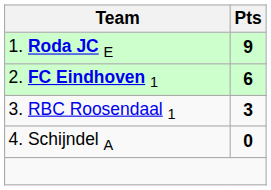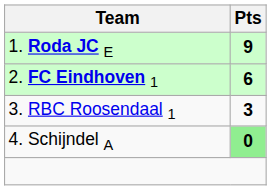 <table class="wikitable" style="text-align:center; float:left; margin-right:1em;">
 <tr>
 <th style="width:200px">Team</th>
 <th width=20>Pts</th>
 </tr>
 <tr bgcolor=ccffcc>
 <td align=left>1. <strong><a href='#'>Roda JC</a></strong> <sub>E</sub></td>
 <td><strong>9</strong></td>
 </tr>
 <tr bgcolor=ccffcc>
 <td align=left>2. <strong><a href='#'>FC Eindhoven</a></strong> <sub>1</sub></td>
 <td><strong>6</strong></td>
 </tr>
 <tr>
 <td align=left>3. <a href='#'>RBC Roosendaal</a> <sub>1</sub></td>
 <td><strong>3</strong></td>
 </tr>
 <tr>
 <td align=left>4. Schijndel <sub>A</sub></td>
-<td><strong>0</strong></td>
+<td style="background: lightgreen;"><strong>0</strong></td>
 </tr>
 <tr>
 <td colspan=2> </td>
 </tr>
 </table>
